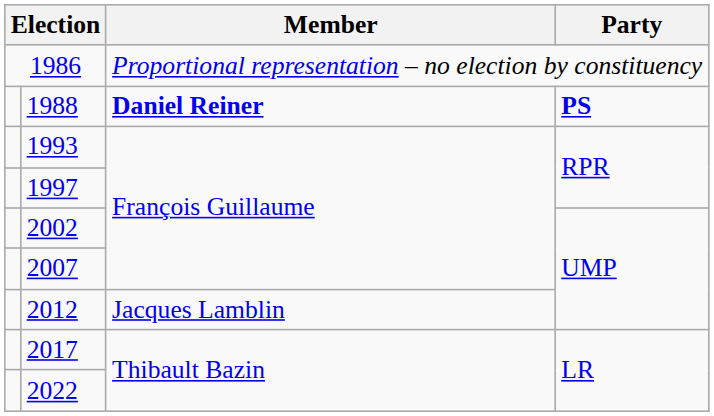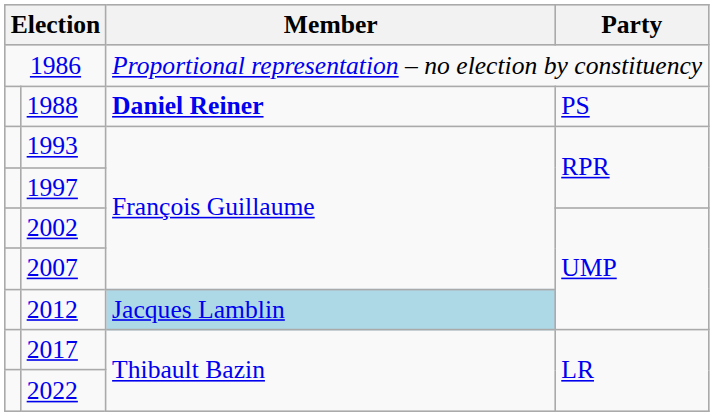 <table class="wikitable">
 <tr>
 <th colspan="2">Election</th>
 <th>Member</th>
 <th>Party</th>
 </tr>
 <tr>
 <td colspan="2" align="center"><a href='#'>1986</a></td>
 <td colspan="2"><em><a href='#'>Proportional representation</a> – no election by constituency</em></td>
 </tr>
 <tr>
 <td style="color:inherit;background-color: "></td>
 <td><a href='#'>1988</a></td>
 <td><strong><a href='#'>Daniel Reiner</a></strong></td>
-<td><strong><a href='#'>PS</a></strong></td>
+<td><a href='#'>PS</a></td>
 </tr>
 <tr>
 <td style="color:inherit;background-color: "></td>
 <td><a href='#'>1993</a></td>
 <td rowspan="4"><a href='#'>François Guillaume</a></td>
 <td rowspan="2"><a href='#'>RPR</a></td>
 </tr>
 <tr>
 <td style="color:inherit;background-color: "></td>
 <td><a href='#'>1997</a></td>
 </tr>
 <tr>
 <td style="color:inherit;background-color: "></td>
 <td><a href='#'>2002</a></td>
 <td rowspan="3"><a href='#'>UMP</a></td>
 </tr>
 <tr>
 <td style="color:inherit;background-color: "></td>
 <td><a href='#'>2007</a></td>
 </tr>
 <tr>
 <td style="color:inherit;background-color: "></td>
 <td><a href='#'>2012</a></td>
-<td><a href='#'>Jacques Lamblin</a></td>
+<td style="background: lightblue;"><a href='#'>Jacques Lamblin</a></td>
 </tr>
 <tr>
 <td style="color:inherit;background-color: "></td>
 <td><a href='#'>2017</a></td>
 <td rowspan="2"><a href='#'>Thibault Bazin</a></td>
 <td rowspan="2"><a href='#'>LR</a></td>
 </tr>
 <tr>
 <td style="color:inherit;background-color: "></td>
 <td><a href='#'>2022</a></td>
 </tr>
 </table>
